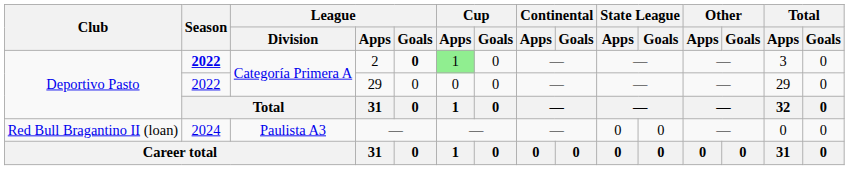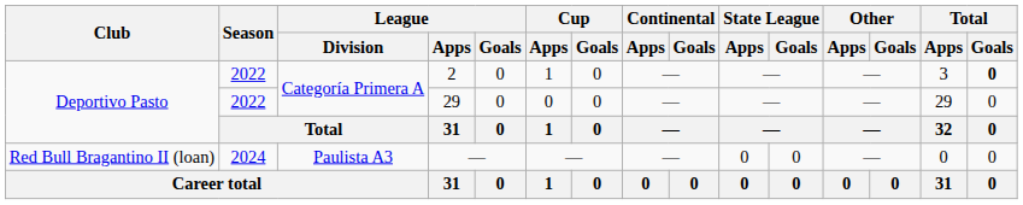 <table class="wikitable" style="text-align: center;">
 <tr>
 <th rowspan="2">Club</th>
 <th rowspan="2">Season</th>
 <th colspan="3">League</th>
 <th colspan="2">Cup</th>
 <th colspan="2">Continental</th>
 <th colspan="2">State League</th>
 <th colspan="2">Other</th>
 <th colspan="2">Total</th>
 </tr>
 <tr>
 <th>Division</th>
 <th>Apps</th>
 <th>Goals</th>
 <th>Apps</th>
 <th>Goals</th>
 <th>Apps</th>
 <th>Goals</th>
 <th>Apps</th>
 <th>Goals</th>
 <th>Apps</th>
 <th>Goals</th>
 <th>Apps</th>
 <th>Goals</th>
 </tr>
 <tr>
 <td rowspan="3"><a href='#'>Deportivo Pasto</a></td>
-<td><strong><a href='#'>2022</a></strong></td>
+<td><a href='#'>2022</a></td>
 <td rowspan="2"><a href='#'>Categoría Primera A</a></td>
 <td>2</td>
-<td><strong>0</strong></td>
-<td style="background: lightgreen;">1</td>
+<td>0</td>
+<td>1</td>
 <td>0</td>
 <td colspan="2">—</td>
 <td colspan="2">—</td>
 <td colspan="2">—</td>
 <td>3</td>
-<td>0</td>
+<td><strong>0</strong></td>
 </tr>
 <tr>
 <td><a href='#'>2022</a></td>
 <td>29</td>
 <td>0</td>
 <td>0</td>
 <td>0</td>
 <td colspan="2">—</td>
 <td colspan="2">—</td>
 <td colspan="2">—</td>
 <td>29</td>
 <td>0</td>
 </tr>
 <tr>
 <th colspan="2">Total</th>
 <th>31</th>
 <th>0</th>
 <th>1</th>
 <th>0</th>
 <th colspan="2">—</th>
 <th colspan="2">—</th>
 <th colspan="2">—</th>
 <th>32</th>
 <th>0</th>
 </tr>
 <tr>
 <td><a href='#'>Red Bull Bragantino II</a> (loan)</td>
 <td><a href='#'>2024</a></td>
 <td><a href='#'>Paulista A3</a></td>
 <td colspan="2">—</td>
 <td colspan="2">—</td>
 <td colspan="2">—</td>
 <td>0</td>
 <td>0</td>
 <td colspan="2">—</td>
 <td>0</td>
 <td>0</td>
 </tr>
 <tr>
 <th colspan="3">Career total</th>
 <th>31</th>
 <th>0</th>
 <th>1</th>
 <th>0</th>
 <th>0</th>
 <th>0</th>
 <th>0</th>
 <th>0</th>
 <th>0</th>
 <th>0</th>
 <th>31</th>
 <th>0</th>
 </tr>
 </table>
